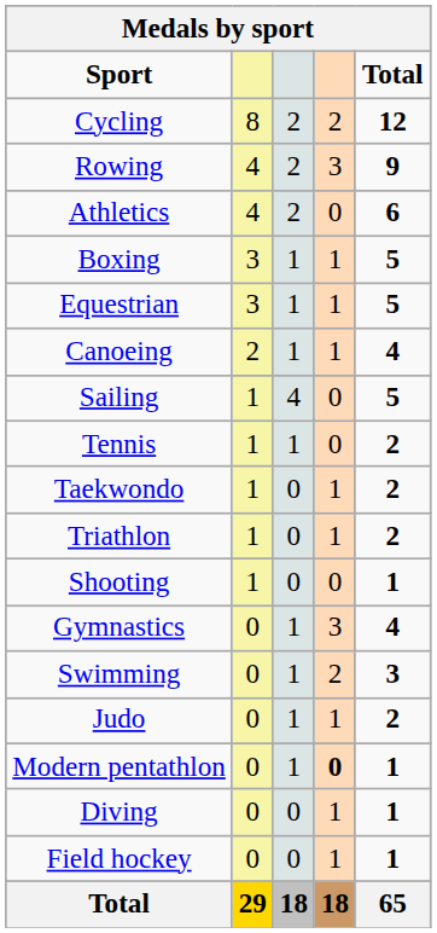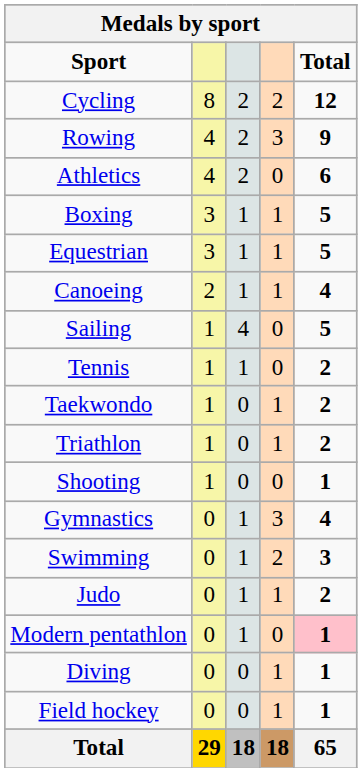 <table class="wikitable" style="font-size:85%; text-align:center;">
 <tr style="background:#efefef;">
 <th colspan=5>Medals by sport</th>
 </tr>
 <tr>
 <td><strong>Sport</strong></td>
 <td style="background:#f7f6a8;"></td>
 <td style="background:#dce5e5;"></td>
 <td style="background:#ffdab9;"></td>
 <td><strong>Total</strong></td>
 </tr>
 <tr>
 <td><a href='#'>Cycling</a></td>
 <td style="background:#F7F6A8;">8</td>
 <td style="background:#DCE5E5;">2</td>
 <td style="background:#FFDAB9;">2</td>
 <td><strong>12</strong></td>
 </tr>
 <tr>
 <td><a href='#'>Rowing</a></td>
 <td style="background:#F7F6A8;">4</td>
 <td style="background:#DCE5E5;">2</td>
 <td style="background:#FFDAB9;">3</td>
 <td><strong>9</strong></td>
 </tr>
 <tr>
 <td><a href='#'>Athletics</a></td>
 <td style="background:#F7F6A8;">4</td>
 <td style="background:#DCE5E5;">2</td>
 <td style="background:#FFDAB9;">0</td>
 <td><strong>6</strong></td>
 </tr>
 <tr>
 <td><a href='#'>Boxing</a></td>
 <td style="background:#F7F6A8;">3</td>
 <td style="background:#DCE5E5;">1</td>
 <td style="background:#FFDAB9;">1</td>
 <td><strong>5</strong></td>
 </tr>
 <tr>
 <td><a href='#'>Equestrian</a></td>
 <td style="background:#F7F6A8;">3</td>
 <td style="background:#DCE5E5;">1</td>
 <td style="background:#FFDAB9;">1</td>
 <td><strong>5</strong></td>
 </tr>
 <tr style="text-align:center;">
 <td><a href='#'>Canoeing</a></td>
 <td style="background:#F7F6A8;">2</td>
 <td style="background:#DCE5E5;">1</td>
 <td style="background:#FFDAB9;">1</td>
 <td><strong>4</strong></td>
 </tr>
 <tr>
 <td><a href='#'>Sailing</a></td>
 <td style="background:#F7F6A8;">1</td>
 <td style="background:#DCE5E5;">4</td>
 <td style="background:#FFDAB9;">0</td>
 <td><strong>5</strong></td>
 </tr>
 <tr>
 <td><a href='#'>Tennis</a></td>
 <td style="background:#F7F6A8;">1</td>
 <td style="background:#DCE5E5;">1</td>
 <td style="background:#FFDAB9;">0</td>
 <td><strong>2</strong></td>
 </tr>
 <tr>
 <td><a href='#'>Taekwondo</a></td>
 <td style="background:#F7F6A8;">1</td>
 <td style="background:#DCE5E5;">0</td>
 <td style="background:#FFDAB9;">1</td>
 <td><strong>2</strong></td>
 </tr>
 <tr>
 <td><a href='#'>Triathlon</a></td>
 <td style="background:#F7F6A8;">1</td>
 <td style="background:#DCE5E5;">0</td>
 <td style="background:#FFDAB9;">1</td>
 <td><strong>2</strong></td>
 </tr>
 <tr>
 <td><a href='#'>Shooting</a></td>
 <td style="background:#F7F6A8;">1</td>
 <td style="background:#DCE5E5;">0</td>
 <td style="background:#FFDAB9;">0</td>
 <td><strong>1</strong></td>
 </tr>
 <tr>
 <td><a href='#'>Gymnastics</a></td>
 <td style="background:#F7F6A8;">0</td>
 <td style="background:#DCE5E5;">1</td>
 <td style="background:#FFDAB9;">3</td>
 <td><strong>4</strong></td>
 </tr>
 <tr>
 <td><a href='#'>Swimming</a></td>
 <td style="background:#F7F6A8;">0</td>
 <td style="background:#DCE5E5;">1</td>
 <td style="background:#FFDAB9;">2</td>
 <td><strong>3</strong></td>
 </tr>
 <tr>
 <td><a href='#'>Judo</a></td>
 <td style="background:#F7F6A8;">0</td>
 <td style="background:#DCE5E5;">1</td>
 <td style="background:#FFDAB9;">1</td>
 <td><strong>2</strong></td>
 </tr>
 <tr>
 <td><a href='#'>Modern pentathlon</a></td>
 <td style="background:#F7F6A8;">0</td>
 <td style="background:#DCE5E5;">1</td>
-<td style="background:#FFDAB9;"><strong>0</strong></td>
-<td><strong>1</strong></td>
+<td style="background:#FFDAB9;">0</td>
+<td style="background: pink;"><strong>1</strong></td>
 </tr>
 <tr>
 <td><a href='#'>Diving</a></td>
 <td style="background:#F7F6A8;">0</td>
 <td style="background:#DCE5E5;">0</td>
 <td style="background:#FFDAB9;">1</td>
 <td><strong>1</strong></td>
 </tr>
 <tr>
 <td><a href='#'>Field hockey</a></td>
 <td style="background:#F7F6A8;">0</td>
 <td style="background:#DCE5E5;">0</td>
 <td style="background:#FFDAB9;">1</td>
 <td><strong>1</strong></td>
 </tr>
 <tr>
 <th>Total</th>
 <th style="background:gold;">29</th>
 <th style="background:silver;">18</th>
 <th style="background:#c96;">18</th>
 <th>65</th>
 </tr>
 </table>
